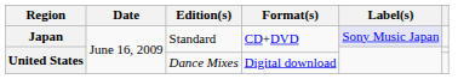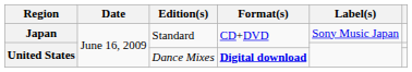 <table class="wikitable plainrowheaders">
 <tr>
 <th scope="col">Region</th>
 <th scope="col">Date</th>
 <th scope="col">Edition(s)</th>
 <th scope="col">Format(s)</th>
 <th scope="col">Label(s)</th>
 <th scope="col"></th>
 </tr>
 <tr>
 <th scope="row">Japan</th>
 <td rowspan="3">June 16, 2009</td>
 <td rowspan="2">Standard</td>
 <td rowspan="2"><a href='#'>CD</a>+<a href='#'>DVD</a></td>
-<td style="background: lavender;"><a href='#'>Sony Music Japan</a></td>
+<td><a href='#'>Sony Music Japan</a></td>
 <td></td>
 </tr>
 <tr>
 <th scope="row" rowspan="2">United States</th>
 <td rowspan="2"></td>
 <td></td>
 </tr>
 <tr>
 <td><em>Dance Mixes</em></td>
-<td><a href='#'>Digital download</a></td>
+<td><strong><a href='#'>Digital download</a></strong></td>
 <td></td>
 </tr>
 </table>
